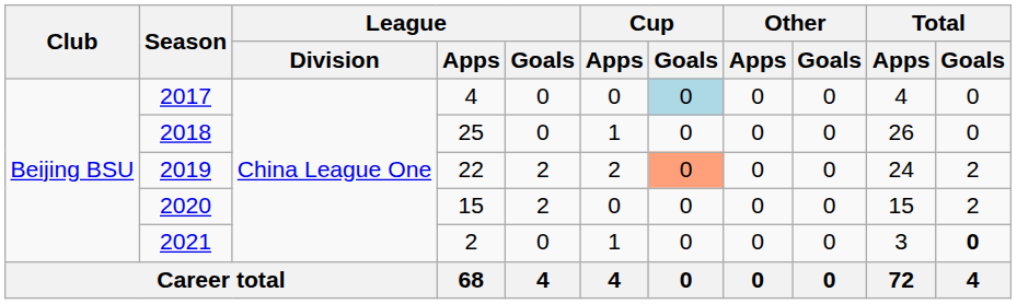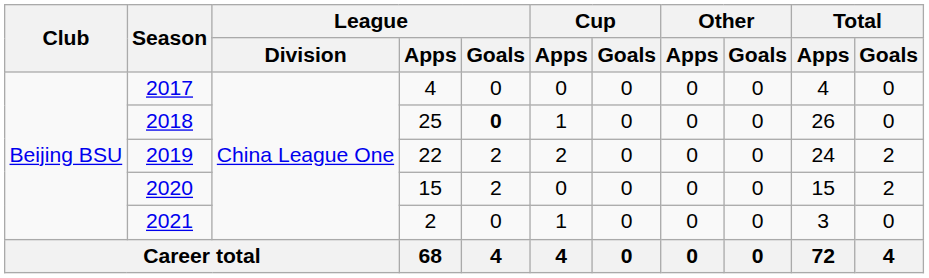 <table class="wikitable" style="text-align: center">
 <tr>
 <th rowspan="2">Club</th>
 <th rowspan="2">Season</th>
 <th colspan="3">League</th>
 <th colspan="2">Cup</th>
 <th colspan="2">Other</th>
 <th colspan="2">Total</th>
 </tr>
 <tr>
 <th>Division</th>
 <th>Apps</th>
 <th>Goals</th>
 <th>Apps</th>
 <th>Goals</th>
 <th>Apps</th>
 <th>Goals</th>
 <th>Apps</th>
 <th>Goals</th>
 </tr>
 <tr>
 <td rowspan="5"><a href='#'>Beijing BSU</a></td>
 <td><a href='#'>2017</a></td>
 <td rowspan="5"><a href='#'>China League One</a></td>
 <td>4</td>
 <td>0</td>
 <td>0</td>
-<td style="background: lightblue;">0</td>
+<td>0</td>
 <td>0</td>
 <td>0</td>
 <td>4</td>
 <td>0</td>
 </tr>
 <tr>
 <td><a href='#'>2018</a></td>
 <td>25</td>
-<td>0</td>
+<td><strong>0</strong></td>
 <td>1</td>
 <td>0</td>
 <td>0</td>
 <td>0</td>
 <td>26</td>
 <td>0</td>
 </tr>
 <tr>
 <td><a href='#'>2019</a></td>
 <td>22</td>
 <td>2</td>
 <td>2</td>
-<td style="background: lightsalmon;">0</td>
+<td>0</td>
 <td>0</td>
 <td>0</td>
 <td>24</td>
 <td>2</td>
 </tr>
 <tr>
 <td><a href='#'>2020</a></td>
 <td>15</td>
 <td>2</td>
 <td>0</td>
 <td>0</td>
 <td>0</td>
 <td>0</td>
 <td>15</td>
 <td>2</td>
 </tr>
 <tr>
 <td><a href='#'>2021</a></td>
 <td>2</td>
 <td>0</td>
 <td>1</td>
 <td>0</td>
 <td>0</td>
 <td>0</td>
 <td>3</td>
-<td><strong>0</strong></td>
+<td>0</td>
 </tr>
 <tr>
 <th colspan=3>Career total</th>
 <th>68</th>
 <th>4</th>
 <th>4</th>
 <th>0</th>
 <th>0</th>
 <th>0</th>
 <th>72</th>
 <th>4</th>
 </tr>
 </table>
